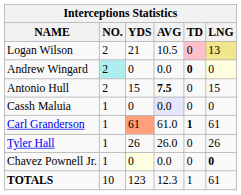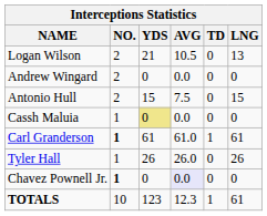 <table class="wikitable sortable collapsible collapsed">
 <tr>
 <th colspan="16">Interceptions Statistics</th>
 </tr>
 <tr>
 <th>NAME</th>
 <th>NO.</th>
 <th>YDS</th>
 <th>AVG</th>
 <th>TD</th>
 <th>LNG</th>
 </tr>
 <tr>
 <td>Logan Wilson</td>
 <td>2</td>
 <td>21</td>
 <td>10.5</td>
-<td style="background: pink;">0</td>
-<td style="background: khaki;">13</td>
+<td>0</td>
+<td>13</td>
 </tr>
 <tr>
 <td>Andrew Wingard</td>
-<td style="background: paleturquoise;">2</td>
+<td>2</td>
 <td>0</td>
 <td>0.0</td>
-<td><strong>0</strong></td>
-<td style="background: lightyellow;">0</td>
+<td>0</td>
+<td>0</td>
 </tr>
 <tr>
 <td>Antonio Hull</td>
 <td>2</td>
 <td>15</td>
-<td><strong>7.5</strong></td>
+<td>7.5</td>
 <td>0</td>
 <td>15</td>
 </tr>
 <tr>
 <td>Cassh Maluia</td>
 <td>1</td>
-<td>0</td>
-<td style="background: lavender;">0.0</td>
+<td style="background: khaki;">0</td>
+<td>0.0</td>
 <td>0</td>
 <td>0</td>
 </tr>
 <tr>
 <td><a href='#'>Carl Granderson</a></td>
+<td><strong>1</strong></td>
+<td>61</td>
+<td>61.0</td>
 <td>1</td>
-<td style="background: lightsalmon;">61</td>
-<td>61.0</td>
-<td><strong>1</strong></td>
 <td>61</td>
 </tr>
 <tr>
 <td><a href='#'>Tyler Hall</a></td>
 <td>1</td>
 <td>26</td>
 <td>26.0</td>
 <td>0</td>
 <td>26</td>
 </tr>
 <tr>
 <td>Chavez Pownell Jr.</td>
-<td>1</td>
-<td style="background: lightyellow;">0</td>
-<td>0.0</td>
+<td><strong>1</strong></td>
 <td>0</td>
-<td><strong>0</strong></td>
+<td style="background: lavender;">0.0</td>
+<td>0</td>
+<td>0</td>
 </tr>
 <tr>
 <td><strong>TOTALS</strong></td>
 <td>10</td>
 <td>123</td>
 <td>12.3</td>
 <td>1</td>
 <td>61</td>
 </tr>
 </table>
